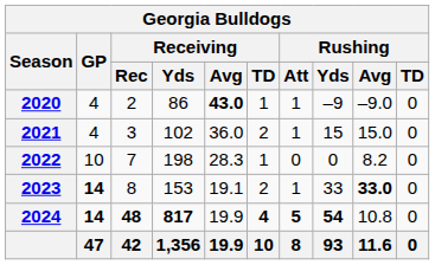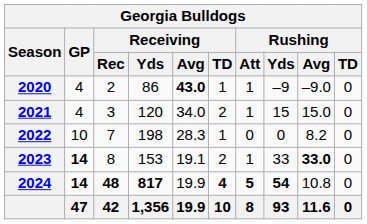 <table class="wikitable" style="text-align:center;">
 <tr>
 <th colspan="11">Georgia Bulldogs</th>
 </tr>
 <tr>
 <th rowspan="2">Season</th>
 <th rowspan="2">GP</th>
 <th colspan="4">Receiving</th>
 <th colspan="4">Rushing</th>
 </tr>
 <tr>
 <th>Rec</th>
 <th>Yds</th>
 <th>Avg</th>
 <th>TD</th>
 <th>Att</th>
 <th>Yds</th>
 <th>Avg</th>
 <th>TD</th>
 </tr>
 <tr>
 <th><a href='#'>2020</a></th>
 <td>4</td>
 <td>2</td>
 <td>86</td>
 <td><strong>43.0</strong></td>
 <td>1</td>
 <td>1</td>
 <td>–9</td>
 <td>–9.0</td>
 <td>0</td>
 </tr>
 <tr>
 <th><a href='#'>2021</a></th>
 <td>4</td>
 <td>3</td>
-<td>102</td>
-<td>36.0</td>
+<td>120</td>
+<td>34.0</td>
 <td>2</td>
 <td>1</td>
 <td>15</td>
 <td>15.0</td>
 <td>0</td>
 </tr>
 <tr>
 <th><a href='#'>2022</a></th>
 <td>10</td>
 <td>7</td>
 <td>198</td>
 <td>28.3</td>
 <td>1</td>
 <td>0</td>
 <td>0</td>
 <td>8.2</td>
 <td>0</td>
 </tr>
 <tr>
 <th><a href='#'>2023</a></th>
 <td><strong>14</strong></td>
 <td>8</td>
 <td>153</td>
 <td>19.1</td>
 <td>2</td>
 <td>1</td>
 <td>33</td>
 <td><strong>33.0</strong></td>
 <td>0</td>
 </tr>
 <tr>
 <th><a href='#'>2024</a></th>
 <td><strong>14</strong></td>
 <td><strong>48</strong></td>
 <td><strong>817</strong></td>
 <td>19.9</td>
 <td><strong>4</strong></td>
 <td><strong>5</strong></td>
 <td><strong>54</strong></td>
 <td>10.8</td>
 <td>0</td>
 </tr>
 <tr>
 <th></th>
 <th>47</th>
 <th>42</th>
 <th>1,356</th>
 <th>19.9</th>
 <th>10</th>
 <th>8</th>
 <th>93</th>
 <th>11.6</th>
 <th>0</th>
 </tr>
 </table>
